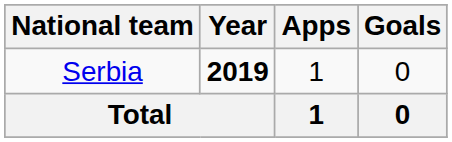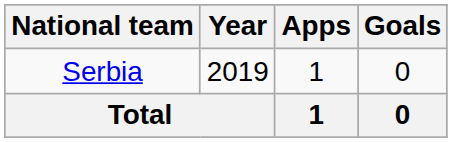 <table class=wikitable style=text-align:center>
 <tr>
 <th>National team</th>
 <th>Year</th>
 <th>Apps</th>
 <th>Goals</th>
 </tr>
 <tr>
 <td><a href='#'>Serbia</a></td>
-<td><strong>2019</strong></td>
+<td>2019</td>
 <td>1</td>
 <td>0</td>
 </tr>
 <tr>
 <th colspan="2">Total</th>
 <th>1</th>
 <th>0</th>
 </tr>
 </table>
